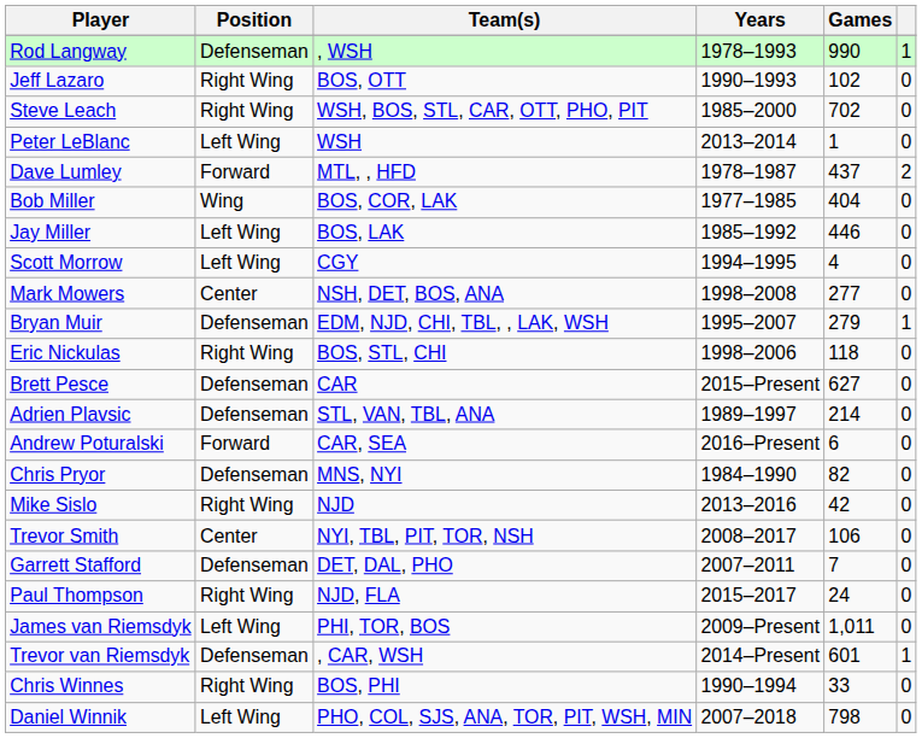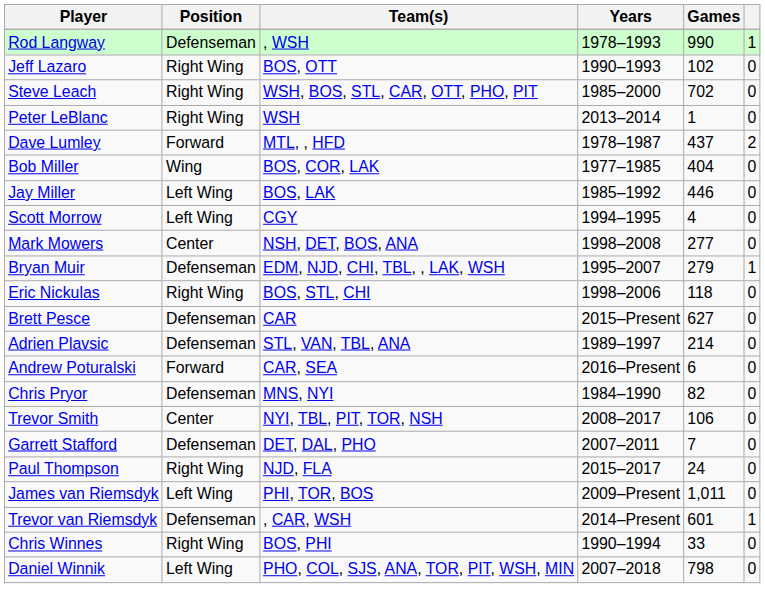 <table class="wikitable sortable">
 <tr>
 <th>Player</th>
 <th>Position</th>
 <th>Team(s)</th>
 <th>Years</th>
 <th>Games</th>
 <th><a href='#'></a></th>
 </tr>
 <tr>
 </tr>
 <tr bgcolor=#ccffcc>
 <td><a href='#'>Rod Langway</a></td>
 <td>Defenseman</td>
 <td><span><strong></strong></span>, <a href='#'>WSH</a></td>
 <td>1978–1993</td>
 <td>990</td>
 <td>1</td>
 </tr>
 <tr>
 <td><a href='#'>Jeff Lazaro</a></td>
 <td>Right Wing</td>
 <td><a href='#'>BOS</a>, <a href='#'>OTT</a></td>
 <td>1990–1993</td>
 <td>102</td>
 <td>0</td>
 </tr>
 <tr>
 <td><a href='#'>Steve Leach</a></td>
 <td>Right Wing</td>
 <td><a href='#'>WSH</a>, <a href='#'>BOS</a>, <a href='#'>STL</a>, <a href='#'>CAR</a>, <a href='#'>OTT</a>, <a href='#'>PHO</a>, <a href='#'>PIT</a></td>
 <td>1985–2000</td>
 <td>702</td>
 <td>0</td>
 </tr>
 <tr>
 <td><a href='#'>Peter LeBlanc</a></td>
-<td>Left Wing</td>
+<td>Right Wing</td>
 <td><a href='#'>WSH</a></td>
 <td>2013–2014</td>
 <td>1</td>
 <td>0</td>
 </tr>
 <tr>
 <td><a href='#'>Dave Lumley</a></td>
 <td>Forward</td>
 <td><a href='#'>MTL</a>, <span><strong></strong></span>, <a href='#'>HFD</a></td>
 <td>1978–1987</td>
 <td>437</td>
 <td>2</td>
 </tr>
 <tr>
 <td><a href='#'>Bob Miller</a></td>
 <td>Wing</td>
 <td><a href='#'>BOS</a>, <a href='#'>COR</a>, <a href='#'>LAK</a></td>
 <td>1977–1985</td>
 <td>404</td>
 <td>0</td>
 </tr>
 <tr>
 <td><a href='#'>Jay Miller</a></td>
 <td>Left Wing</td>
 <td><a href='#'>BOS</a>, <a href='#'>LAK</a></td>
 <td>1985–1992</td>
 <td>446</td>
 <td>0</td>
 </tr>
 <tr>
 <td><a href='#'>Scott Morrow</a></td>
 <td>Left Wing</td>
 <td><a href='#'>CGY</a></td>
 <td>1994–1995</td>
 <td>4</td>
 <td>0</td>
 </tr>
 <tr>
 <td><a href='#'>Mark Mowers</a></td>
 <td>Center</td>
 <td><a href='#'>NSH</a>, <a href='#'>DET</a>, <a href='#'>BOS</a>, <a href='#'>ANA</a></td>
 <td>1998–2008</td>
 <td>277</td>
 <td>0</td>
 </tr>
 <tr>
 <td><a href='#'>Bryan Muir</a></td>
 <td>Defenseman</td>
 <td><a href='#'>EDM</a>, <a href='#'>NJD</a>, <a href='#'>CHI</a>, <a href='#'>TBL</a>, <span><strong></strong></span>, <a href='#'>LAK</a>, <a href='#'>WSH</a></td>
 <td>1995–2007</td>
 <td>279</td>
 <td>1</td>
 </tr>
 <tr>
 <td><a href='#'>Eric Nickulas</a></td>
 <td>Right Wing</td>
 <td><a href='#'>BOS</a>, <a href='#'>STL</a>, <a href='#'>CHI</a></td>
 <td>1998–2006</td>
 <td>118</td>
 <td>0</td>
 </tr>
 <tr>
 <td><a href='#'>Brett Pesce</a></td>
 <td>Defenseman</td>
 <td><a href='#'>CAR</a></td>
 <td>2015–Present</td>
 <td>627</td>
 <td>0</td>
 </tr>
 <tr>
 <td><a href='#'>Adrien Plavsic</a></td>
 <td>Defenseman</td>
 <td><a href='#'>STL</a>, <a href='#'>VAN</a>, <a href='#'>TBL</a>, <a href='#'>ANA</a></td>
 <td>1989–1997</td>
 <td>214</td>
 <td>0</td>
 </tr>
 <tr>
 <td><a href='#'>Andrew Poturalski</a></td>
 <td>Forward</td>
 <td><a href='#'>CAR</a>, <a href='#'>SEA</a></td>
 <td>2016–Present</td>
 <td>6</td>
 <td>0</td>
 </tr>
 <tr>
 <td><a href='#'>Chris Pryor</a></td>
 <td>Defenseman</td>
 <td><a href='#'>MNS</a>, <a href='#'>NYI</a></td>
 <td>1984–1990</td>
 <td>82</td>
 <td>0</td>
 </tr>
 <tr>
-<td><a href='#'>Mike Sislo</a></td>
-<td>Right Wing</td>
-<td><a href='#'>NJD</a></td>
-<td>2013–2016</td>
-<td>42</td>
-<td>0</td>
-</tr>
-<tr>
 <td><a href='#'>Trevor Smith</a></td>
 <td>Center</td>
 <td><a href='#'>NYI</a>, <a href='#'>TBL</a>, <a href='#'>PIT</a>, <a href='#'>TOR</a>, <a href='#'>NSH</a></td>
 <td>2008–2017</td>
 <td>106</td>
 <td>0</td>
 </tr>
 <tr>
 <td><a href='#'>Garrett Stafford</a></td>
 <td>Defenseman</td>
 <td><a href='#'>DET</a>, <a href='#'>DAL</a>, <a href='#'>PHO</a></td>
 <td>2007–2011</td>
 <td>7</td>
 <td>0</td>
 </tr>
 <tr>
 <td><a href='#'>Paul Thompson</a></td>
 <td>Right Wing</td>
 <td><a href='#'>NJD</a>, <a href='#'>FLA</a></td>
 <td>2015–2017</td>
 <td>24</td>
 <td>0</td>
 </tr>
 <tr>
 <td><a href='#'>James van Riemsdyk</a></td>
 <td>Left Wing</td>
 <td><a href='#'>PHI</a>, <a href='#'>TOR</a>, <a href='#'>BOS</a></td>
 <td>2009–Present</td>
 <td>1,011</td>
 <td>0</td>
 </tr>
 <tr>
 <td><a href='#'>Trevor van Riemsdyk</a></td>
 <td>Defenseman</td>
 <td><span><strong></strong></span>, <a href='#'>CAR</a>, <a href='#'>WSH</a></td>
 <td>2014–Present</td>
 <td>601</td>
 <td>1</td>
 </tr>
 <tr>
 <td><a href='#'>Chris Winnes</a></td>
 <td>Right Wing</td>
 <td><a href='#'>BOS</a>, <a href='#'>PHI</a></td>
 <td>1990–1994</td>
 <td>33</td>
 <td>0</td>
 </tr>
 <tr>
 <td><a href='#'>Daniel Winnik</a></td>
 <td>Left Wing</td>
 <td><a href='#'>PHO</a>, <a href='#'>COL</a>, <a href='#'>SJS</a>, <a href='#'>ANA</a>, <a href='#'>TOR</a>, <a href='#'>PIT</a>, <a href='#'>WSH</a>, <a href='#'>MIN</a></td>
 <td>2007–2018</td>
 <td>798</td>
 <td>0</td>
 </tr>
 </table>
